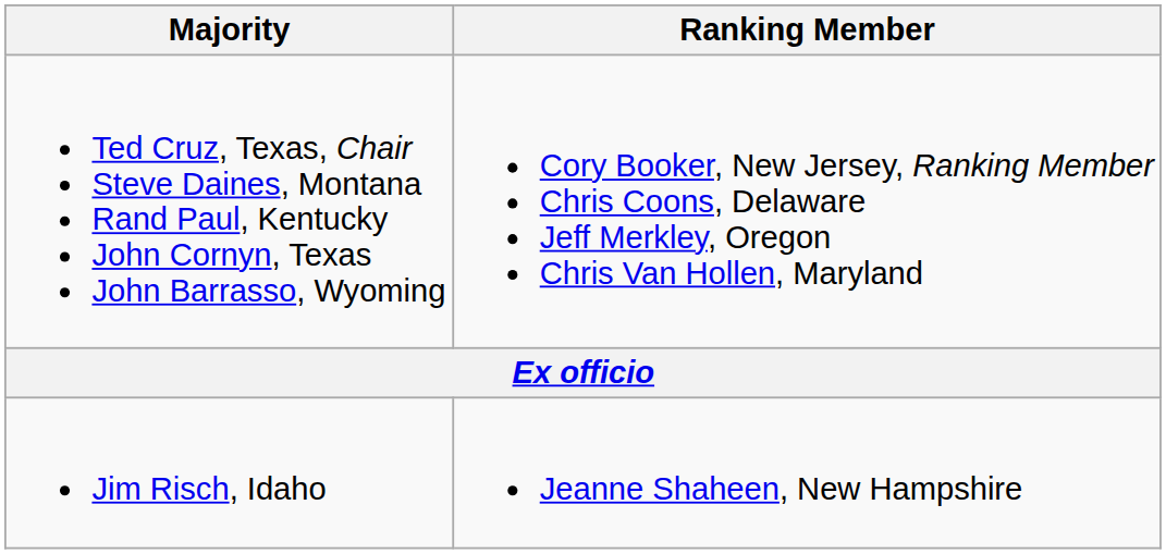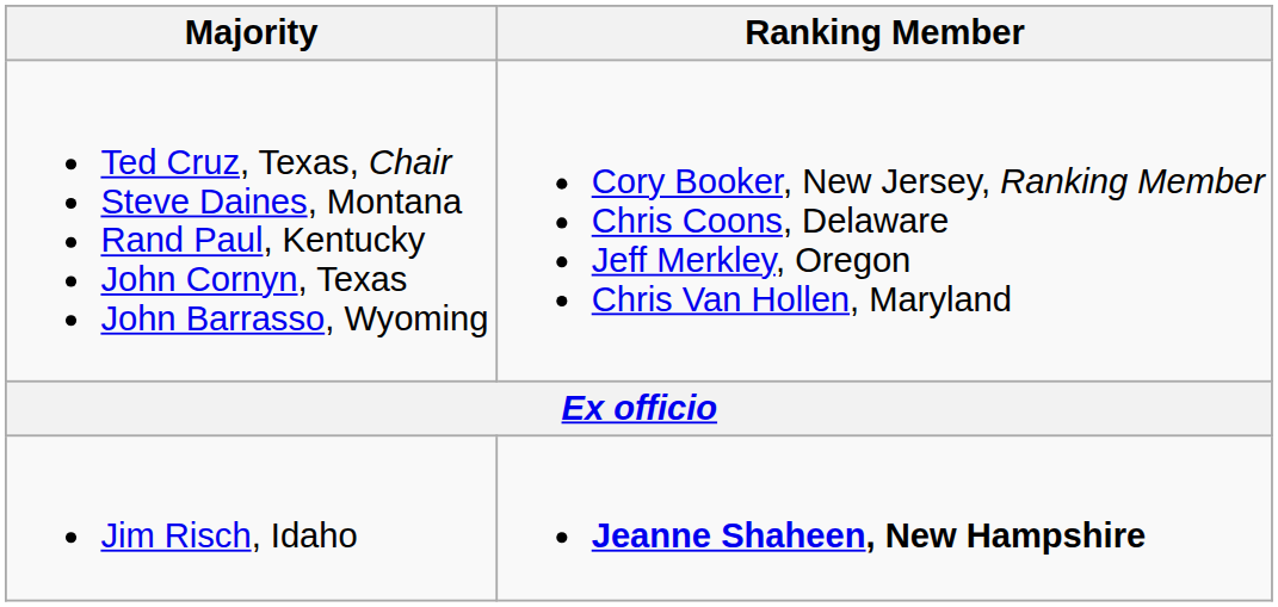 <table class=wikitable>
 <tr>
 <th>Majority</th>
 <th>Ranking Member</th>
 </tr>
 <tr>
 <td><br><ul><li><a href='#'>Ted Cruz</a>, Texas, <em>Chair</em></li><li><a href='#'>Steve Daines</a>, Montana</li><li><a href='#'>Rand Paul</a>, Kentucky</li><li><a href='#'>John Cornyn</a>, Texas</li><li><a href='#'>John Barrasso</a>, Wyoming</li></ul></td>
 <td><br><ul><li><a href='#'>Cory Booker</a>, New Jersey, <em>Ranking Member</em></li><li><a href='#'>Chris Coons</a>, Delaware</li><li><a href='#'>Jeff Merkley</a>, Oregon</li><li><a href='#'>Chris Van Hollen</a>, Maryland</li></ul></td>
 </tr>
 <tr>
 <th colspan=2><em><a href='#'>Ex officio</a></em></th>
 </tr>
 <tr>
 <td><br><ul><li><a href='#'>Jim Risch</a>, Idaho</li></ul></td>
-<td><br><ul><li><a href='#'>Jeanne Shaheen</a>, New Hampshire</li></ul></td>
+<td><strong><br><ul><li><a href='#'>Jeanne Shaheen</a>, New Hampshire</li></ul></strong></td>
 </tr>
 </table>
